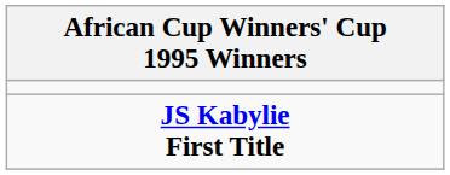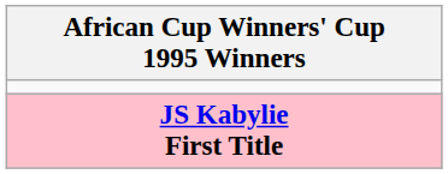 <table class="wikitable" style="text-align: center; margin: 0 auto; width: 20%">
 <tr>
 <th>African Cup Winners' Cup<br>1995 Winners</th>
 </tr>
 <tr>
 <td></td>
 </tr>
 <tr>
-<td><strong><a href='#'>JS Kabylie</a></strong><br><strong>First Title</strong></td>
+<td style="background: pink;"><strong><a href='#'>JS Kabylie</a></strong><br><strong>First Title</strong></td>
 </tr>
 </table>
